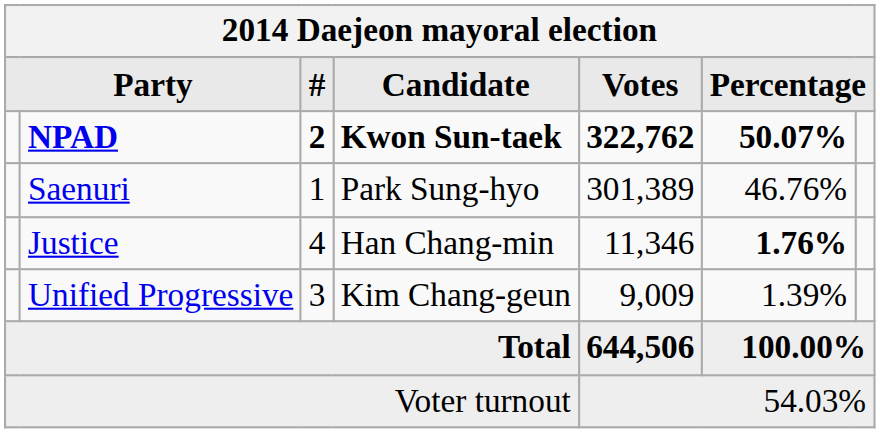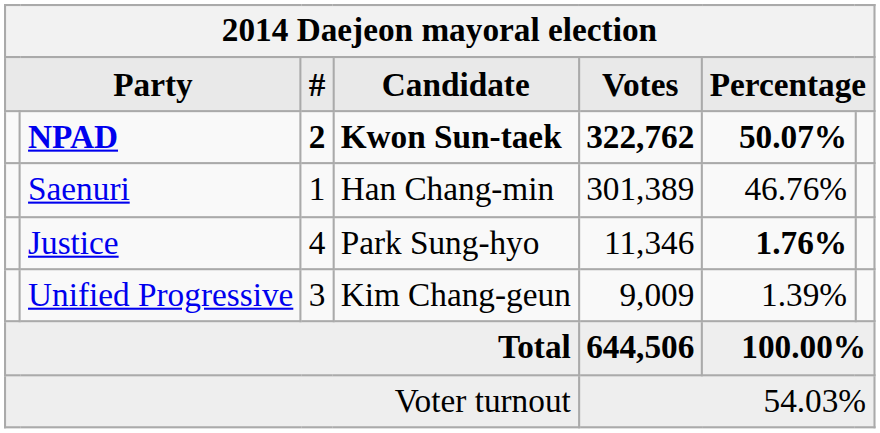 <table class="wikitable">
 <tr>
 <th colspan="7">2014 Daejeon mayoral election</th>
 </tr>
 <tr>
 <th style="background-color:#E9E9E9" colspan=2>Party</th>
 <th style="background-color:#E9E9E9">#</th>
 <th style="background-color:#E9E9E9">Candidate</th>
 <th style="background-color:#E9E9E9">Votes</th>
 <th style="background-color:#E9E9E9" colspan=2>Percentage</th>
 </tr>
 <tr style="font-weight:bold">
 <td></td>
 <td align=left><a href='#'>NPAD</a></td>
 <td align=center>2</td>
 <td align=left>Kwon Sun-taek</td>
 <td align=right>322,762</td>
 <td align=right>50.07%</td>
 <td align=right></td>
 </tr>
 <tr>
 <td></td>
 <td align=left><a href='#'>Saenuri</a></td>
 <td align=center>1</td>
-<td align=left>Park Sung-hyo</td>
+<td align=left>Han Chang-min</td>
 <td align=right>301,389</td>
 <td align=right>46.76%</td>
 <td align=right></td>
 </tr>
 <tr>
 <td></td>
 <td align=left><a href='#'>Justice</a></td>
 <td align=center>4</td>
-<td align=left>Han Chang-min</td>
+<td align=left>Park Sung-hyo</td>
 <td align=right>11,346</td>
 <td align=right><strong>1.76%</strong></td>
 <td align=right></td>
 </tr>
 <tr>
 <td></td>
 <td align=left><a href='#'>Unified Progressive</a></td>
 <td align=center>3</td>
 <td align=left>Kim Chang-geun</td>
 <td align=right>9,009</td>
 <td align=right>1.39%</td>
 <td align=right></td>
 </tr>
 <tr bgcolor="#EEEEEE" style="font-weight:bold">
 <td colspan="4" align=right>Total</td>
 <td align=right>644,506</td>
 <td align=right colspan=2>100.00%</td>
 </tr>
 <tr bgcolor="#EEEEEE">
 <td colspan="4" align="right">Voter turnout</td>
 <td colspan="3" align="right">54.03%</td>
 </tr>
 </table>
